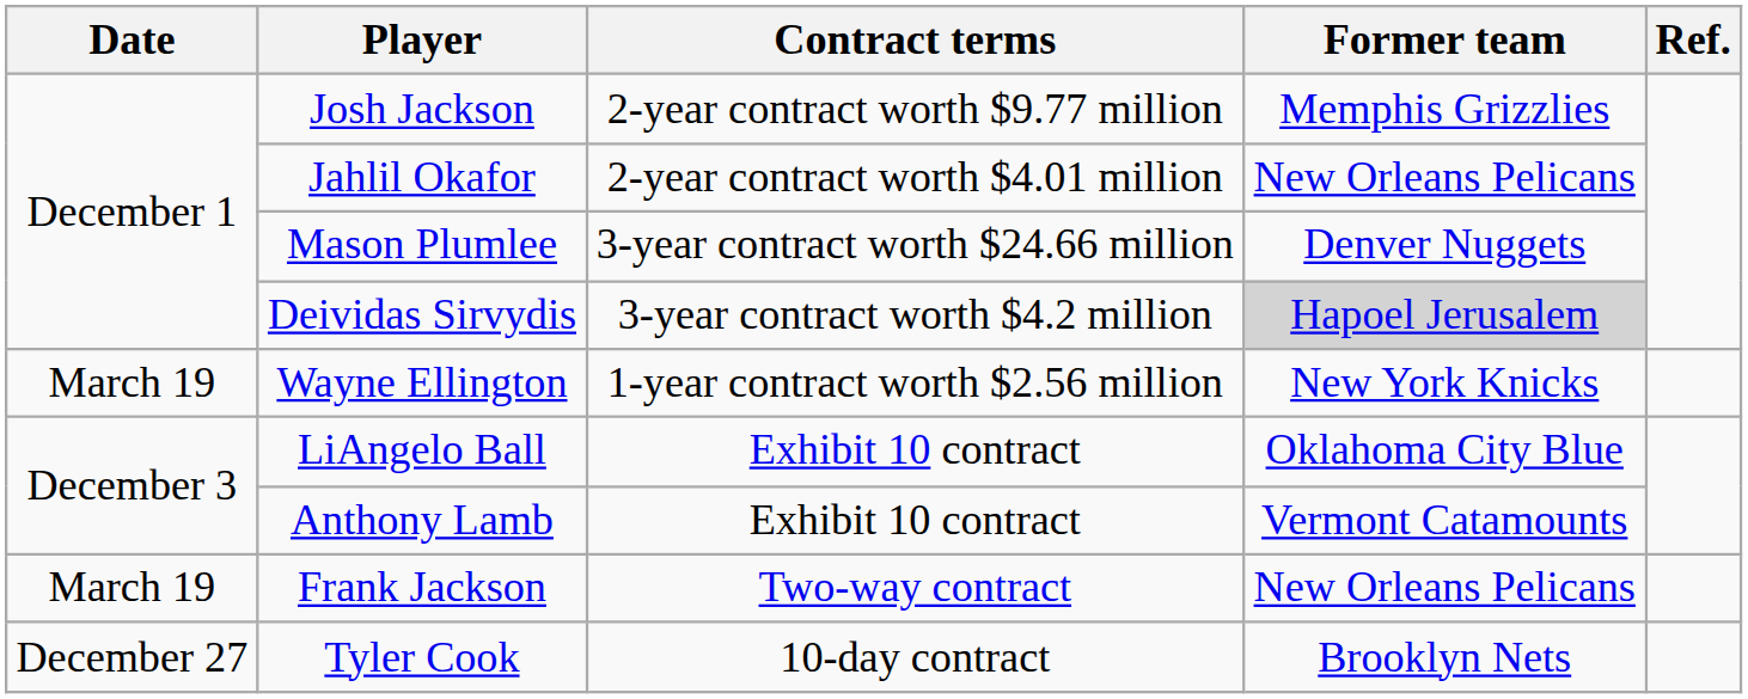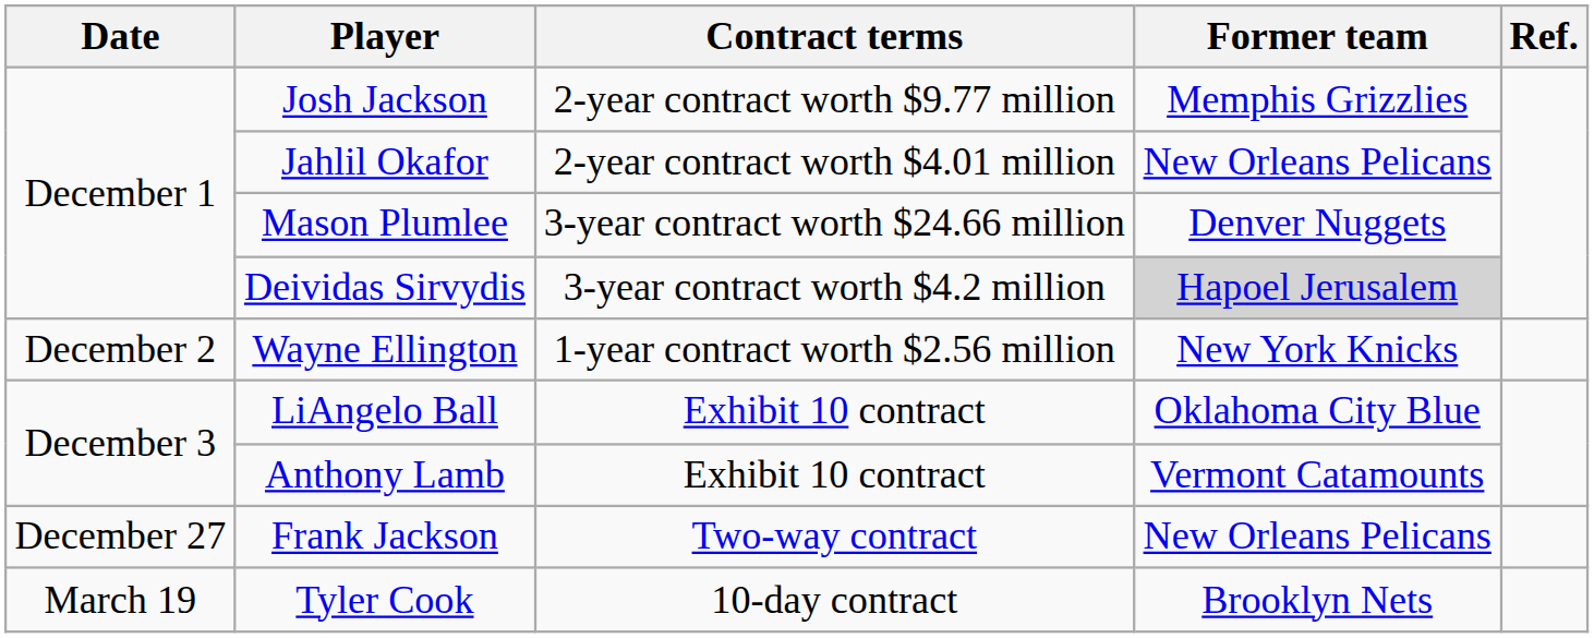 <table class="wikitable sortable sortable" style="text-align: center">
 <tr>
 <th>Date</th>
 <th>Player</th>
 <th>Contract terms</th>
 <th>Former team</th>
 <th>Ref.</th>
 </tr>
 <tr>
 <td rowspan="4">December 1</td>
 <td><a href='#'>Josh Jackson</a></td>
 <td>2-year contract worth $9.77 million</td>
 <td><a href='#'>Memphis Grizzlies</a></td>
 <td rowspan="4"></td>
 </tr>
 <tr>
 <td><a href='#'>Jahlil Okafor</a></td>
 <td>2-year contract worth $4.01 million</td>
 <td><a href='#'>New Orleans Pelicans</a></td>
 </tr>
 <tr>
 <td><a href='#'>Mason Plumlee</a></td>
 <td>3-year contract worth $24.66 million</td>
 <td><a href='#'>Denver Nuggets</a></td>
 </tr>
 <tr>
 <td><a href='#'>Deividas Sirvydis</a></td>
 <td>3-year contract worth $4.2 million</td>
 <td style="background: lightgrey;"> <a href='#'>Hapoel Jerusalem</a></td>
 </tr>
 <tr style="text-align: center">
-<td>March 19</td>
+<td>December 2</td>
 <td><a href='#'>Wayne Ellington</a></td>
 <td>1-year contract worth $2.56 million</td>
 <td><a href='#'>New York Knicks</a></td>
 <td></td>
 </tr>
 <tr>
 <td rowspan="2">December 3</td>
 <td><a href='#'>LiAngelo Ball</a></td>
 <td><a href='#'>Exhibit 10</a> contract</td>
 <td><a href='#'>Oklahoma City Blue</a></td>
 <td rowspan="2"></td>
 </tr>
 <tr>
 <td><a href='#'>Anthony Lamb</a></td>
 <td>Exhibit 10 contract</td>
 <td><a href='#'>Vermont Catamounts</a></td>
 </tr>
 <tr style="text-align: center">
-<td>March 19</td>
+<td>December 27</td>
 <td><a href='#'>Frank Jackson</a></td>
 <td><a href='#'>Two-way contract</a></td>
 <td><a href='#'>New Orleans Pelicans</a></td>
 <td></td>
 </tr>
 <tr style="text-align: center">
-<td>December 27</td>
+<td>March 19</td>
 <td><a href='#'>Tyler Cook</a></td>
 <td>10-day contract</td>
 <td><a href='#'>Brooklyn Nets</a></td>
 <td></td>
 </tr>
 </table>
